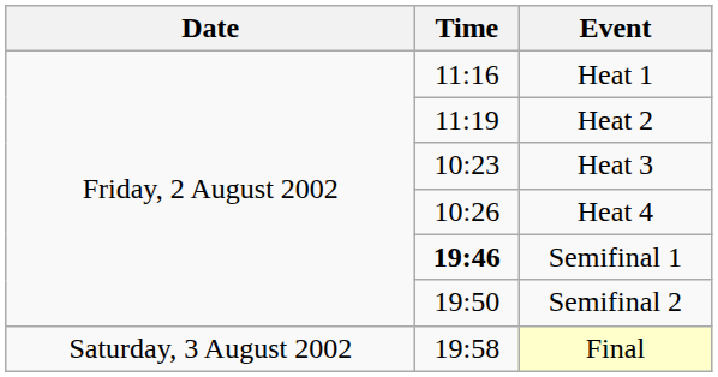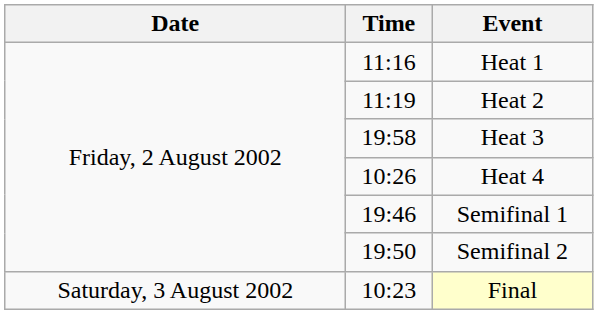 <table class = "wikitable" style="text-align:center;">
 <tr>
 <th width=220>Date</th>
 <th width=50>Time</th>
 <th width=100>Event</th>
 </tr>
 <tr>
 <td rowspan=6>Friday, 2 August 2002</td>
 <td>11:16</td>
 <td>Heat 1</td>
 </tr>
 <tr>
 <td>11:19</td>
 <td>Heat 2</td>
 </tr>
 <tr>
-<td>10:23</td>
+<td>19:58</td>
 <td>Heat 3</td>
 </tr>
 <tr>
 <td>10:26</td>
 <td>Heat 4</td>
 </tr>
 <tr>
-<td><strong>19:46</strong></td>
+<td>19:46</td>
 <td>Semifinal 1</td>
 </tr>
 <tr>
 <td>19:50</td>
 <td>Semifinal 2</td>
 </tr>
 <tr>
 <td>Saturday, 3 August 2002</td>
-<td>19:58</td>
+<td>10:23</td>
 <td bgcolor=ffffcc>Final</td>
 </tr>
 </table>
